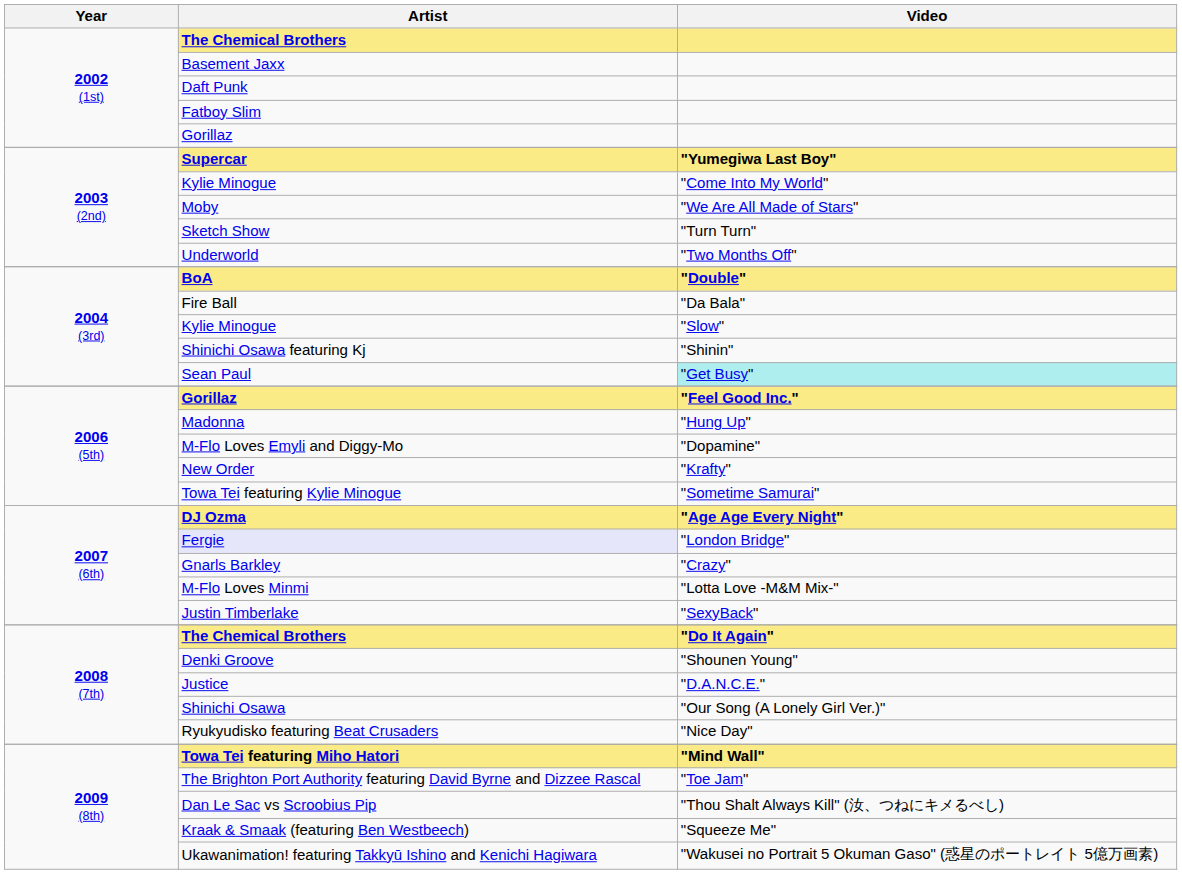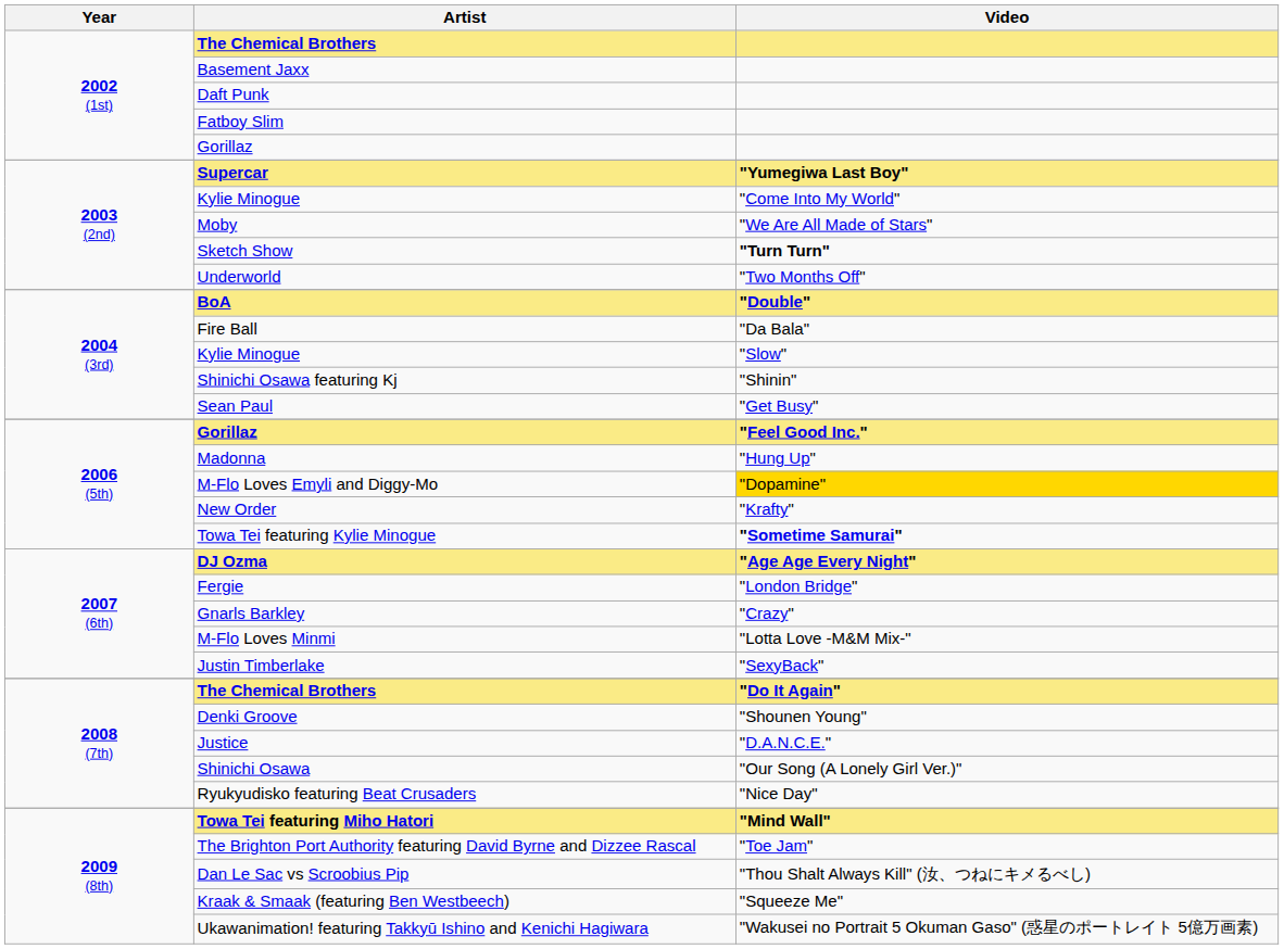 <table class="sortable wikitable">
 <tr>
 <th width="8%">Year</th>
 <th width="23%">Artist</th>
 <th width="23%">Video</th>
 </tr>
 <tr>
 <td rowspan=5 style="text-align:center"><strong><a href='#'>2002</a></strong><br><small><a href='#'>(1st)</a></small></td>
 <td style="background:#FAEB86"><strong><a href='#'>The Chemical Brothers</a></strong></td>
 <td style="background:#FAEB86"></td>
 </tr>
 <tr>
 <td><a href='#'>Basement Jaxx</a></td>
 <td></td>
 </tr>
 <tr>
 <td><a href='#'>Daft Punk</a></td>
 <td></td>
 </tr>
 <tr>
 <td><a href='#'>Fatboy Slim</a></td>
 <td></td>
 </tr>
 <tr>
 <td><a href='#'>Gorillaz</a></td>
 <td></td>
 </tr>
 <tr>
 </tr>
 <tr>
 <td rowspan=5 style="text-align:center"><strong><a href='#'>2003</a></strong><br><small><a href='#'>(2nd)</a></small></td>
 <td style="background:#FAEB86"><strong><a href='#'>Supercar</a></strong></td>
 <td style="background:#FAEB86"><strong>"Yumegiwa Last Boy"</strong></td>
 </tr>
 <tr>
 <td><a href='#'>Kylie Minogue</a></td>
 <td>"<a href='#'>Come Into My World</a>"</td>
 </tr>
 <tr>
 <td><a href='#'>Moby</a></td>
 <td>"<a href='#'>We Are All Made of Stars</a>"</td>
 </tr>
 <tr>
 <td><a href='#'>Sketch Show</a></td>
-<td>"Turn Turn"</td>
+<td><strong>"Turn Turn"</strong></td>
 </tr>
 <tr>
 <td><a href='#'>Underworld</a></td>
 <td>"<a href='#'>Two Months Off</a>"</td>
 </tr>
 <tr>
 </tr>
 <tr>
 <td rowspan=5 style="text-align:center"><strong><a href='#'>2004</a></strong><br><small><a href='#'>(3rd)</a></small></td>
 <td style="background:#FAEB86"><strong><a href='#'>BoA</a></strong></td>
 <td style="background:#FAEB86"><strong>"<a href='#'>Double</a>"</strong></td>
 </tr>
 <tr>
 <td>Fire Ball</td>
 <td>"Da Bala"</td>
 </tr>
 <tr>
 <td><a href='#'>Kylie Minogue</a></td>
 <td>"<a href='#'>Slow</a>"</td>
 </tr>
 <tr>
 <td><a href='#'>Shinichi Osawa</a> featuring Kj</td>
 <td>"Shinin"</td>
 </tr>
 <tr>
 <td><a href='#'>Sean Paul</a></td>
-<td style="background: paleturquoise;">"<a href='#'>Get Busy</a>"</td>
+<td>"<a href='#'>Get Busy</a>"</td>
 </tr>
 <tr>
 </tr>
 <tr>
 <td rowspan=5 style="text-align:center"><strong><a href='#'>2006</a></strong><br><small><a href='#'>(5th)</a></small></td>
 <td style="background:#FAEB86"><strong><a href='#'>Gorillaz</a></strong></td>
 <td style="background:#FAEB86"><strong>"<a href='#'>Feel Good Inc.</a>"</strong></td>
 </tr>
 <tr>
 <td><a href='#'>Madonna</a></td>
 <td>"<a href='#'>Hung Up</a>"</td>
 </tr>
 <tr>
 <td><a href='#'>M-Flo</a> Loves <a href='#'>Emyli</a> and Diggy-Mo</td>
-<td>"Dopamine"</td>
+<td style="background: gold;">"Dopamine"</td>
 </tr>
 <tr>
 <td><a href='#'>New Order</a></td>
 <td>"<a href='#'>Krafty</a>"</td>
 </tr>
 <tr>
 <td><a href='#'>Towa Tei</a> featuring <a href='#'>Kylie Minogue</a></td>
-<td>"<a href='#'>Sometime Samurai</a>"</td>
+<td><strong>"<a href='#'>Sometime Samurai</a>"</strong></td>
 </tr>
 <tr>
 <td rowspan=5 style="text-align:center"><strong><a href='#'>2007</a></strong><br><small><a href='#'>(6th)</a></small></td>
 <td style="background:#FAEB86"><strong><a href='#'>DJ Ozma</a></strong></td>
 <td style="background:#FAEB86"><strong>"<a href='#'>Age Age Every Night</a>"</strong></td>
 </tr>
 <tr>
-<td style="background: lavender;"><a href='#'>Fergie</a></td>
+<td><a href='#'>Fergie</a></td>
 <td>"<a href='#'>London Bridge</a>"</td>
 </tr>
 <tr>
 <td><a href='#'>Gnarls Barkley</a></td>
 <td>"<a href='#'>Crazy</a>"</td>
 </tr>
 <tr>
 <td><a href='#'>M-Flo</a> Loves <a href='#'>Minmi</a></td>
 <td>"Lotta Love -M&M Mix-"</td>
 </tr>
 <tr>
 <td><a href='#'>Justin Timberlake</a></td>
 <td>"<a href='#'>SexyBack</a>"</td>
 </tr>
 <tr>
 </tr>
 <tr>
 <td rowspan=5 style="text-align:center"><strong><a href='#'>2008</a></strong><br><small><a href='#'>(7th)</a></small></td>
 <td style="background:#FAEB86"><strong><a href='#'>The Chemical Brothers</a></strong></td>
 <td style="background:#FAEB86"><strong>"<a href='#'>Do It Again</a>"</strong></td>
 </tr>
 <tr>
 <td><a href='#'>Denki Groove</a></td>
 <td>"Shounen Young"</td>
 </tr>
 <tr>
 <td><a href='#'>Justice</a></td>
 <td>"<a href='#'>D.A.N.C.E.</a>"</td>
 </tr>
 <tr>
 <td><a href='#'>Shinichi Osawa</a></td>
 <td>"Our Song (A Lonely Girl Ver.)"</td>
 </tr>
 <tr>
 <td>Ryukyudisko featuring <a href='#'>Beat Crusaders</a></td>
 <td>"Nice Day"</td>
 </tr>
 <tr>
 </tr>
 <tr>
 <td rowspan=5 style="text-align:center"><strong><a href='#'>2009</a></strong><br><small><a href='#'>(8th)</a></small></td>
 <td style="background:#FAEB86"><strong><a href='#'>Towa Tei</a> featuring <a href='#'>Miho Hatori</a></strong></td>
 <td style="background:#FAEB86"><strong>"Mind Wall"</strong></td>
 </tr>
 <tr>
 <td><a href='#'>The Brighton Port Authority</a> featuring <a href='#'>David Byrne</a> and <a href='#'>Dizzee Rascal</a></td>
 <td>"<a href='#'>Toe Jam</a>"</td>
 </tr>
 <tr>
 <td><a href='#'>Dan Le Sac</a> vs <a href='#'>Scroobius Pip</a></td>
 <td>"Thou Shalt Always Kill" (汝、つねにキメるべし)</td>
 </tr>
 <tr>
 <td><a href='#'>Kraak & Smaak</a> (featuring <a href='#'>Ben Westbeech</a>)</td>
 <td>"Squeeze Me"</td>
 </tr>
 <tr>
 <td>Ukawanimation! featuring <a href='#'>Takkyū Ishino</a> and <a href='#'>Kenichi Hagiwara</a></td>
 <td>"Wakusei no Portrait 5 Okuman Gaso" (惑星のポートレイト 5億万画素)</td>
 </tr>
 </table>
